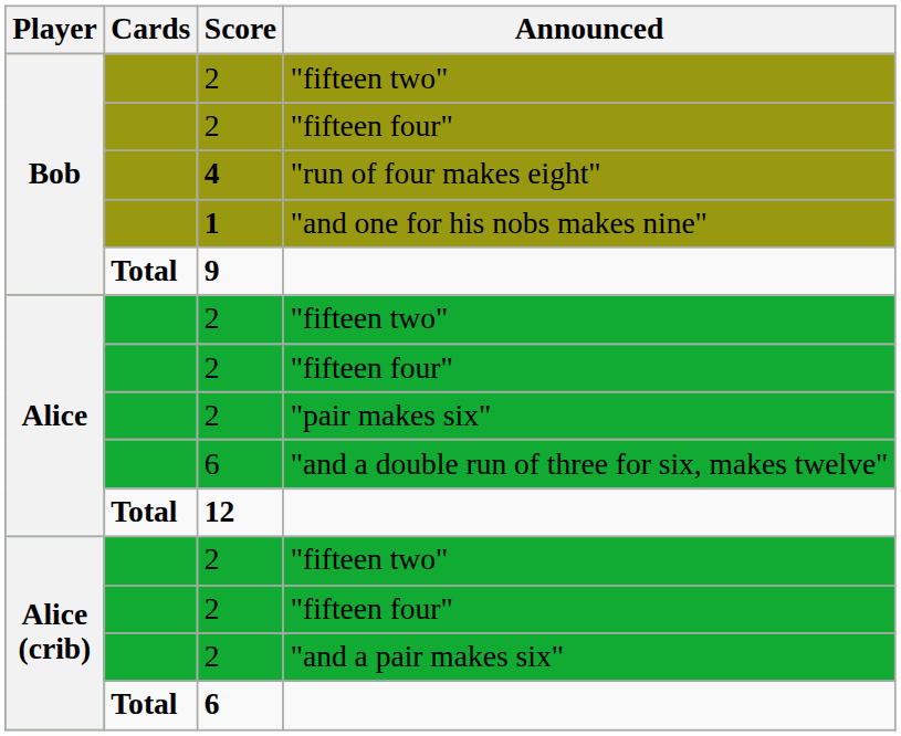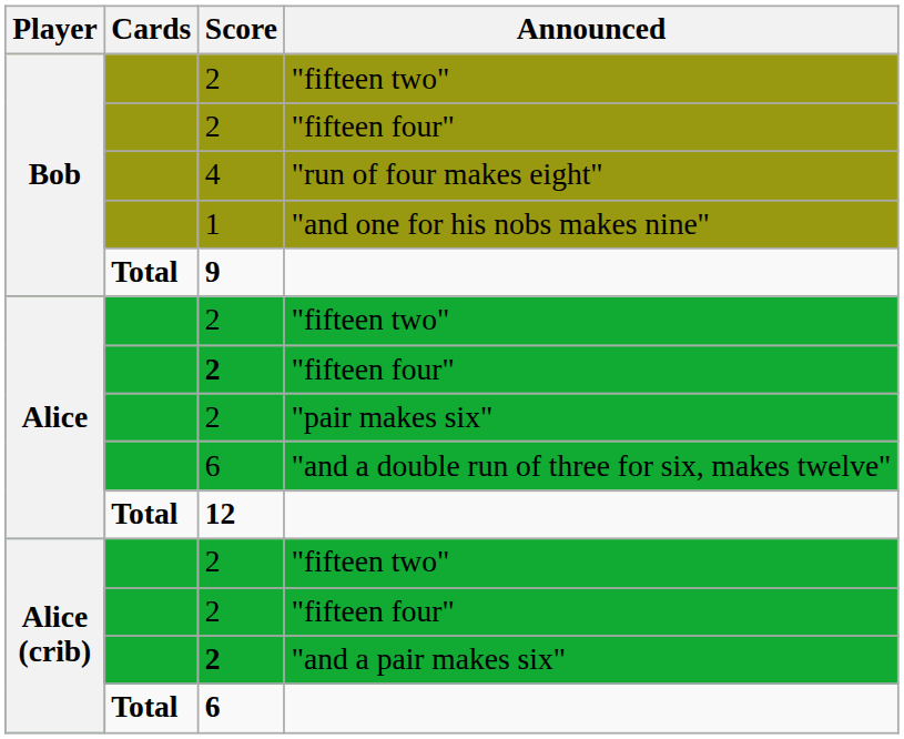 <table class="wikitable" style="float:left">
 <tr>
 <th>Player</th>
 <th>Cards</th>
 <th>Score</th>
 <th>Announced</th>
 </tr>
 <tr style="background-color: #991;">
 <th rowspan="5">Bob</th>
 <td></td>
 <td>2</td>
 <td>"fifteen two"</td>
 </tr>
 <tr style="background-color: #991;">
 <td></td>
 <td>2</td>
 <td>"fifteen four"</td>
 </tr>
 <tr style="background-color: #991;">
 <td></td>
-<td><strong>4</strong></td>
+<td>4</td>
 <td>"run of four makes eight"</td>
 </tr>
 <tr style="background-color: #991;">
 <td></td>
-<td><strong>1</strong></td>
+<td>1</td>
 <td>"and one for his nobs makes nine"</td>
 </tr>
 <tr>
 <td><strong>Total</strong></td>
 <td><strong>9</strong></td>
 <td></td>
 </tr>
 <tr style="background-color: #1a3;">
 <th rowspan="5">Alice</th>
 <td></td>
 <td>2</td>
 <td>"fifteen two"</td>
 </tr>
 <tr style="background-color: #1a3;">
 <td></td>
-<td>2</td>
+<td><strong>2</strong></td>
 <td>"fifteen four"</td>
 </tr>
 <tr style="background-color: #1a3;">
 <td></td>
 <td>2</td>
 <td>"pair makes six"</td>
 </tr>
 <tr style="background-color: #1a3;">
 <td></td>
 <td>6</td>
 <td>"and a double run of three for six, makes twelve"</td>
 </tr>
 <tr>
 <td><strong>Total</strong></td>
 <td><strong>12</strong></td>
 <td></td>
 </tr>
 <tr style="background-color: #1a3;">
 <th rowspan="4">Alice<br>(crib)</th>
 <td></td>
 <td>2</td>
 <td>"fifteen two"</td>
 </tr>
 <tr style="background-color: #1a3;">
 <td></td>
 <td>2</td>
 <td>"fifteen four"</td>
 </tr>
 <tr style="background-color: #1a3;">
 <td></td>
-<td>2</td>
+<td><strong>2</strong></td>
 <td>"and a pair makes six"</td>
 </tr>
 <tr>
 <td><strong>Total</strong></td>
 <td><strong>6</strong></td>
 <td></td>
 </tr>
 </table>
